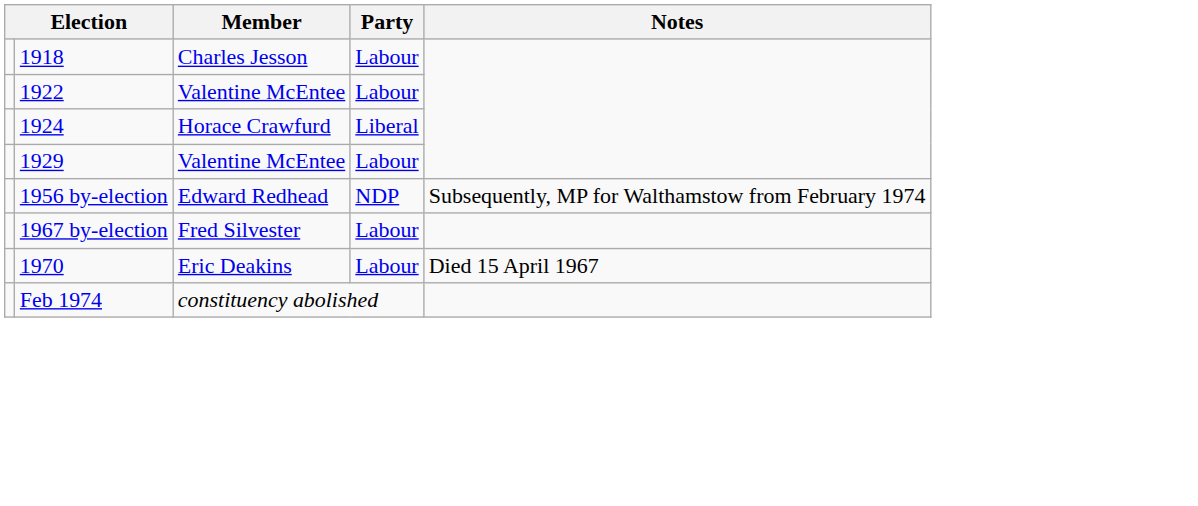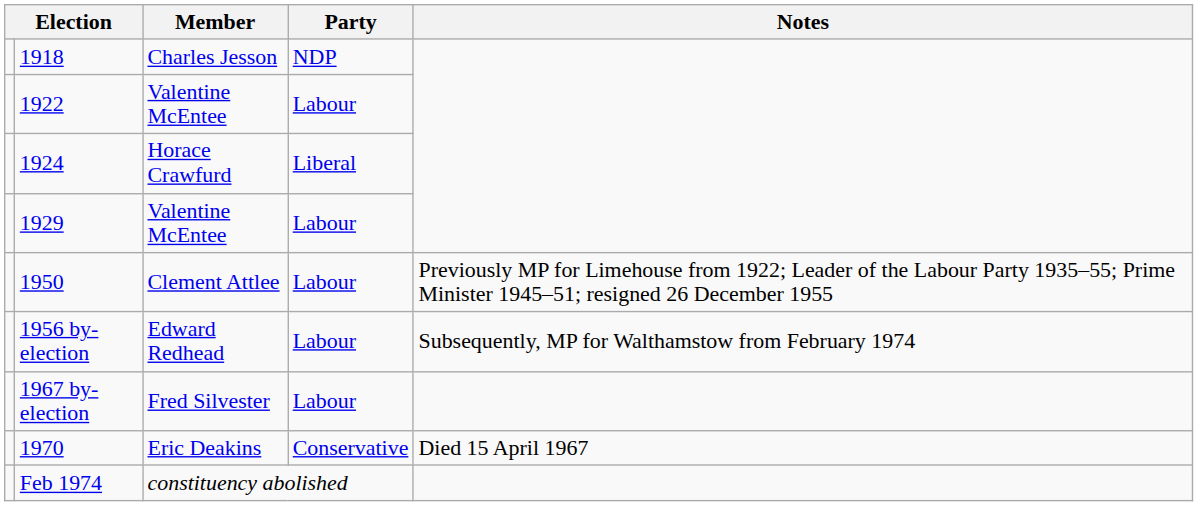 <table class="wikitable">
 <tr>
 <th colspan="2">Election</th>
 <th>Member</th>
 <th>Party</th>
 <th>Notes</th>
 </tr>
 <tr>
 <td style="color:inherit;background-color: "></td>
 <td><a href='#'>1918</a></td>
 <td><a href='#'>Charles Jesson</a></td>
-<td><a href='#'>Labour</a></td>
+<td><a href='#'>NDP</a></td>
 </tr>
 <tr>
 <td style="color:inherit;background-color: "></td>
 <td><a href='#'>1922</a></td>
 <td><a href='#'>Valentine McEntee</a></td>
 <td><a href='#'>Labour</a></td>
 </tr>
 <tr>
 <td style="color:inherit;background-color: "></td>
 <td><a href='#'>1924</a></td>
 <td><a href='#'>Horace Crawfurd</a></td>
 <td><a href='#'>Liberal</a></td>
 </tr>
 <tr>
 <td style="color:inherit;background-color: "></td>
 <td><a href='#'>1929</a></td>
 <td><a href='#'>Valentine McEntee</a></td>
 <td><a href='#'>Labour</a></td>
 </tr>
 <tr>
 <td style="color:inherit;background-color: "></td>
+<td><a href='#'>1950</a></td>
+<td><a href='#'>Clement Attlee</a></td>
+<td><a href='#'>Labour</a></td>
+<td>Previously MP for Limehouse from 1922; Leader of the Labour Party 1935–55; Prime Minister 1945–51; resigned 26 December 1955</td>
+</tr>
+<tr>
+<td style="color:inherit;background-color: "></td>
 <td><a href='#'>1956 by-election</a></td>
 <td><a href='#'>Edward Redhead</a></td>
-<td><a href='#'>NDP</a></td>
+<td><a href='#'>Labour</a></td>
 <td>Subsequently, MP for Walthamstow from February 1974</td>
 </tr>
 <tr>
 <td style="color:inherit;background-color: "></td>
 <td><a href='#'>1967 by-election</a></td>
 <td><a href='#'>Fred Silvester</a></td>
 <td><a href='#'>Labour</a></td>
 </tr>
 <tr>
 <td style="color:inherit;background-color: "></td>
 <td><a href='#'>1970</a></td>
 <td><a href='#'>Eric Deakins</a></td>
-<td><a href='#'>Labour</a></td>
+<td><a href='#'>Conservative</a></td>
 <td>Died 15 April 1967</td>
 </tr>
 <tr>
 <td></td>
 <td><a href='#'>Feb 1974</a></td>
 <td colspan="2"><em>constituency abolished</em></td>
 </tr>
 </table>
